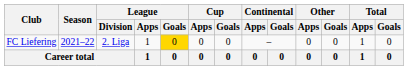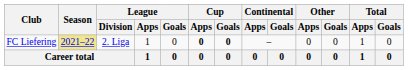 <table class="wikitable" style="text-align: center">
 <tr>
 <th rowspan="2">Club</th>
 <th rowspan="2">Season</th>
 <th colspan="3">League</th>
 <th colspan="2">Cup</th>
 <th colspan="2">Continental</th>
 <th colspan="2">Other</th>
 <th colspan="2">Total</th>
 </tr>
 <tr>
 <th>Division</th>
 <th>Apps</th>
 <th>Goals</th>
 <th>Apps</th>
 <th>Goals</th>
 <th>Apps</th>
 <th>Goals</th>
 <th>Apps</th>
 <th>Goals</th>
 <th>Apps</th>
 <th>Goals</th>
 </tr>
 <tr>
 <td><a href='#'>FC Liefering</a></td>
-<td><a href='#'>2021–22</a></td>
+<td style="background: khaki;"><a href='#'>2021–22</a></td>
 <td><a href='#'>2. Liga</a></td>
 <td>1</td>
-<td style="background: gold;">0</td>
 <td>0</td>
-<td>0</td>
+<td><strong>0</strong></td>
+<td><strong>0</strong></td>
 <td colspan="2">–</td>
 <td>0</td>
 <td>0</td>
 <td>1</td>
 <td>0</td>
 </tr>
 <tr>
 <th colspan=3>Career total</th>
 <th>1</th>
 <th>0</th>
 <th>0</th>
 <th>0</th>
 <th>0</th>
 <th>0</th>
 <th>0</th>
 <th>0</th>
 <th>1</th>
 <th>0</th>
 </tr>
 </table>
